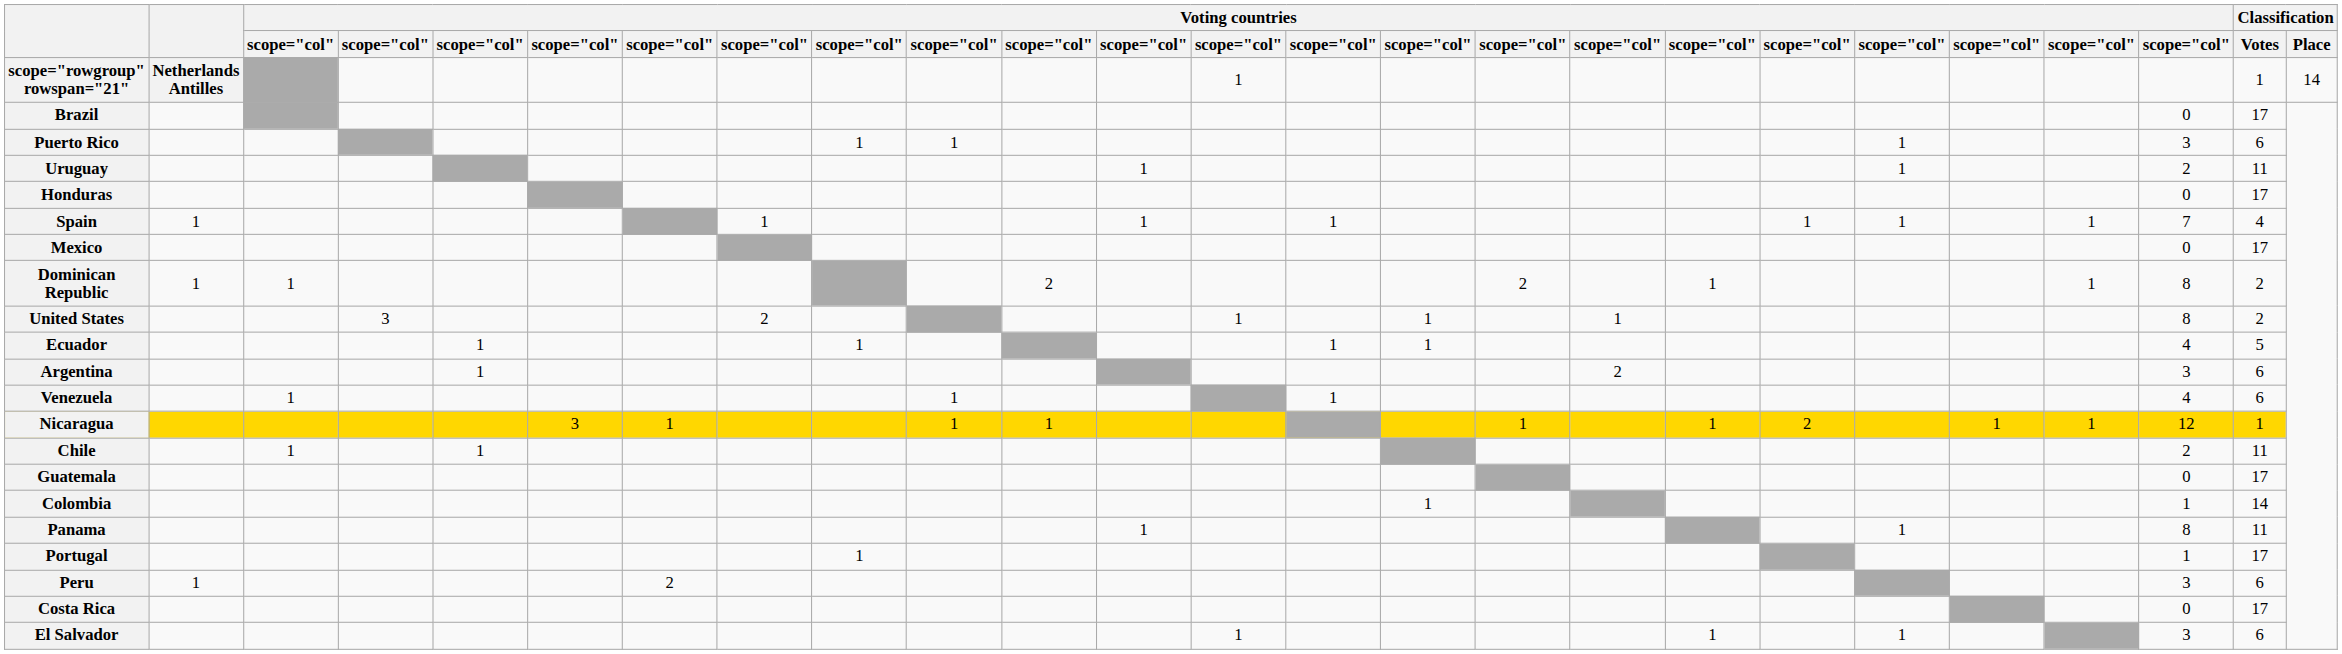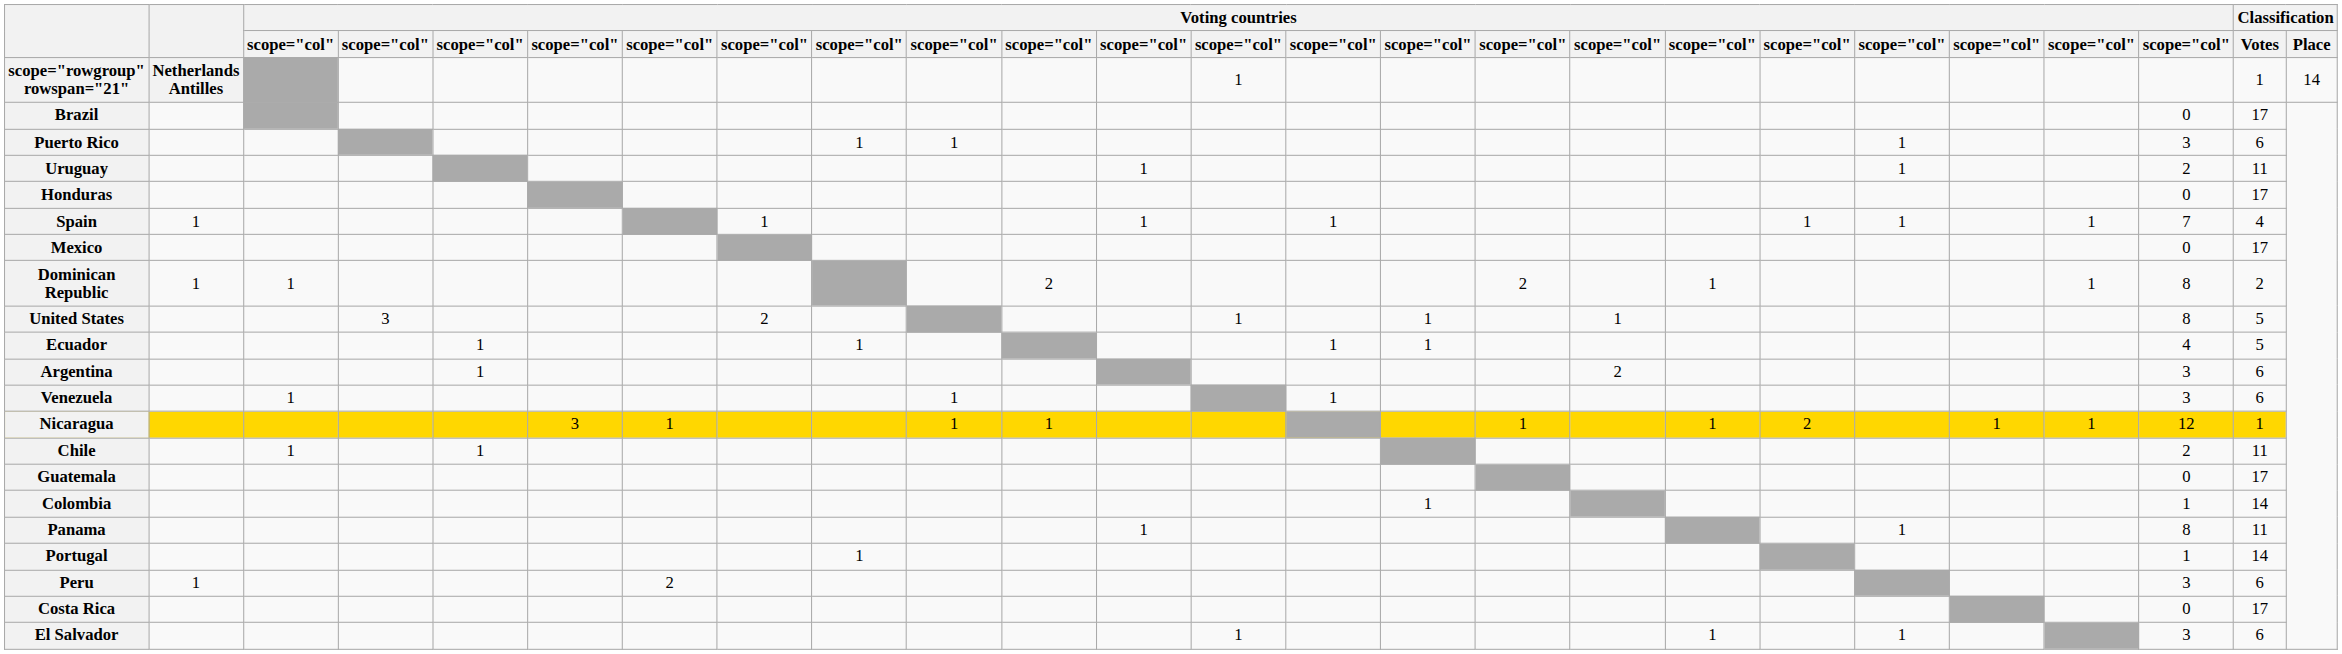 <table class="wikitable plainrowheaders" style="text-align: center;">
 <tr>
 <th rowspan="2"></th>
 <th rowspan="2"></th>
 <th colspan="21">Voting countries</th>
 <th colspan="2">Classification</th>
 </tr>
 <tr>
 <th>scope="col" </th>
 <th>scope="col" </th>
 <th>scope="col" </th>
 <th>scope="col" </th>
 <th>scope="col" </th>
 <th>scope="col" </th>
 <th>scope="col" </th>
 <th>scope="col" </th>
 <th>scope="col" </th>
 <th>scope="col" </th>
 <th>scope="col" </th>
 <th>scope="col" </th>
 <th>scope="col" </th>
 <th>scope="col" </th>
 <th>scope="col" </th>
 <th>scope="col" </th>
 <th>scope="col" </th>
 <th>scope="col" </th>
 <th>scope="col" </th>
 <th>scope="col" </th>
 <th>scope="col" </th>
 <th>Votes</th>
 <th>Place</th>
 </tr>
 <tr>
 <th>scope="rowgroup" rowspan="21" </th>
 <th scope="row">Netherlands Antilles</th>
 <td style="background: #aaa;"></td>
 <td></td>
 <td></td>
 <td></td>
 <td></td>
 <td></td>
 <td></td>
 <td></td>
 <td></td>
 <td></td>
 <td>1</td>
 <td></td>
 <td></td>
 <td></td>
 <td></td>
 <td></td>
 <td></td>
 <td></td>
 <td></td>
 <td></td>
 <td></td>
 <td>1</td>
 <td>14</td>
 </tr>
 <tr>
 <th scope="row">Brazil</th>
 <td></td>
 <td style="background: #aaa;"></td>
 <td></td>
 <td></td>
 <td></td>
 <td></td>
 <td></td>
 <td></td>
 <td></td>
 <td></td>
 <td></td>
 <td></td>
 <td></td>
 <td></td>
 <td></td>
 <td></td>
 <td></td>
 <td></td>
 <td></td>
 <td></td>
 <td></td>
 <td>0</td>
 <td>17</td>
 </tr>
 <tr>
 <th scope="row">Puerto Rico</th>
 <td></td>
 <td></td>
 <td style="background: #aaa;"></td>
 <td></td>
 <td></td>
 <td></td>
 <td></td>
 <td>1</td>
 <td>1</td>
 <td></td>
 <td></td>
 <td></td>
 <td></td>
 <td></td>
 <td></td>
 <td></td>
 <td></td>
 <td></td>
 <td>1</td>
 <td></td>
 <td></td>
 <td>3</td>
 <td>6</td>
 </tr>
 <tr>
 <th scope="row">Uruguay</th>
 <td></td>
 <td></td>
 <td></td>
 <td style="background: #aaa;"></td>
 <td></td>
 <td></td>
 <td></td>
 <td></td>
 <td></td>
 <td></td>
 <td>1</td>
 <td></td>
 <td></td>
 <td></td>
 <td></td>
 <td></td>
 <td></td>
 <td></td>
 <td>1</td>
 <td></td>
 <td></td>
 <td>2</td>
 <td>11</td>
 </tr>
 <tr>
 <th scope="row">Honduras</th>
 <td></td>
 <td></td>
 <td></td>
 <td></td>
 <td style="background: #aaa;"></td>
 <td></td>
 <td></td>
 <td></td>
 <td></td>
 <td></td>
 <td></td>
 <td></td>
 <td></td>
 <td></td>
 <td></td>
 <td></td>
 <td></td>
 <td></td>
 <td></td>
 <td></td>
 <td></td>
 <td>0</td>
 <td>17</td>
 </tr>
 <tr>
 <th scope="row">Spain</th>
 <td>1</td>
 <td></td>
 <td></td>
 <td></td>
 <td></td>
 <td style="background: #aaa;"></td>
 <td>1</td>
 <td></td>
 <td></td>
 <td></td>
 <td>1</td>
 <td></td>
 <td>1</td>
 <td></td>
 <td></td>
 <td></td>
 <td></td>
 <td>1</td>
 <td>1</td>
 <td></td>
 <td>1</td>
 <td>7</td>
 <td>4</td>
 </tr>
 <tr>
 <th scope="row">Mexico</th>
 <td></td>
 <td></td>
 <td></td>
 <td></td>
 <td></td>
 <td></td>
 <td style="background: #aaa;"></td>
 <td></td>
 <td></td>
 <td></td>
 <td></td>
 <td></td>
 <td></td>
 <td></td>
 <td></td>
 <td></td>
 <td></td>
 <td></td>
 <td></td>
 <td></td>
 <td></td>
 <td>0</td>
 <td>17</td>
 </tr>
 <tr>
 <th scope="row">Dominican Republic</th>
 <td>1</td>
 <td>1</td>
 <td></td>
 <td></td>
 <td></td>
 <td></td>
 <td></td>
 <td style="background: #aaa;"></td>
 <td></td>
 <td>2</td>
 <td></td>
 <td></td>
 <td></td>
 <td></td>
 <td>2</td>
 <td></td>
 <td>1</td>
 <td></td>
 <td></td>
 <td></td>
 <td>1</td>
 <td>8</td>
 <td>2</td>
 </tr>
 <tr>
 <th scope="row">United States</th>
 <td></td>
 <td></td>
 <td>3</td>
 <td></td>
 <td></td>
 <td></td>
 <td>2</td>
 <td></td>
 <td style="background: #aaa;"></td>
 <td></td>
 <td></td>
 <td>1</td>
 <td></td>
 <td>1</td>
 <td></td>
 <td>1</td>
 <td></td>
 <td></td>
 <td></td>
 <td></td>
 <td></td>
 <td>8</td>
-<td>2</td>
+<td>5</td>
 </tr>
 <tr>
 <th scope="row">Ecuador</th>
 <td></td>
 <td></td>
 <td></td>
 <td>1</td>
 <td></td>
 <td></td>
 <td></td>
 <td>1</td>
 <td></td>
 <td style="background: #aaa;"></td>
 <td></td>
 <td></td>
 <td>1</td>
 <td>1</td>
 <td></td>
 <td></td>
 <td></td>
 <td></td>
 <td></td>
 <td></td>
 <td></td>
 <td>4</td>
 <td>5</td>
 </tr>
 <tr>
 <th scope="row">Argentina</th>
 <td></td>
 <td></td>
 <td></td>
 <td>1</td>
 <td></td>
 <td></td>
 <td></td>
 <td></td>
 <td></td>
 <td></td>
 <td style="background: #aaa;"></td>
 <td></td>
 <td></td>
 <td></td>
 <td></td>
 <td>2</td>
 <td></td>
 <td></td>
 <td></td>
 <td></td>
 <td></td>
 <td>3</td>
 <td>6</td>
 </tr>
 <tr>
 <th scope="row">Venezuela</th>
 <td></td>
 <td>1</td>
 <td></td>
 <td></td>
 <td></td>
 <td></td>
 <td></td>
 <td></td>
 <td>1</td>
 <td></td>
 <td></td>
 <td style="background: #aaa;"></td>
 <td>1</td>
 <td></td>
 <td></td>
 <td></td>
 <td></td>
 <td></td>
 <td></td>
 <td></td>
 <td></td>
-<td>4</td>
+<td>3</td>
 <td>6</td>
 </tr>
 <tr bgcolor="gold">
 <th scope="row">Nicaragua</th>
 <td></td>
 <td></td>
 <td></td>
 <td></td>
 <td>3</td>
 <td>1</td>
 <td></td>
 <td></td>
 <td>1</td>
 <td>1</td>
 <td></td>
 <td></td>
 <td style="background: #aaa;"></td>
 <td></td>
 <td>1</td>
 <td></td>
 <td>1</td>
 <td>2</td>
 <td></td>
 <td>1</td>
 <td>1</td>
 <td>12</td>
 <td>1</td>
 </tr>
 <tr>
 <th scope="row">Chile</th>
 <td></td>
 <td>1</td>
 <td></td>
 <td>1</td>
 <td></td>
 <td></td>
 <td></td>
 <td></td>
 <td></td>
 <td></td>
 <td></td>
 <td></td>
 <td></td>
 <td style="background: #aaa;"></td>
 <td></td>
 <td></td>
 <td></td>
 <td></td>
 <td></td>
 <td></td>
 <td></td>
 <td>2</td>
 <td>11</td>
 </tr>
 <tr>
 <th scope="row">Guatemala</th>
 <td></td>
 <td></td>
 <td></td>
 <td></td>
 <td></td>
 <td></td>
 <td></td>
 <td></td>
 <td></td>
 <td></td>
 <td></td>
 <td></td>
 <td></td>
 <td></td>
 <td style="background: #aaa;"></td>
 <td></td>
 <td></td>
 <td></td>
 <td></td>
 <td></td>
 <td></td>
 <td>0</td>
 <td>17</td>
 </tr>
 <tr>
 <th scope="row">Colombia</th>
 <td></td>
 <td></td>
 <td></td>
 <td></td>
 <td></td>
 <td></td>
 <td></td>
 <td></td>
 <td></td>
 <td></td>
 <td></td>
 <td></td>
 <td></td>
 <td>1</td>
 <td></td>
 <td style="background: #aaa;"></td>
 <td></td>
 <td></td>
 <td></td>
 <td></td>
 <td></td>
 <td>1</td>
 <td>14</td>
 </tr>
 <tr>
 <th scope="row">Panama</th>
 <td></td>
 <td></td>
 <td></td>
 <td></td>
 <td></td>
 <td></td>
 <td></td>
 <td></td>
 <td></td>
 <td></td>
 <td>1</td>
 <td></td>
 <td></td>
 <td></td>
 <td></td>
 <td></td>
 <td style="background: #aaa;"></td>
 <td></td>
 <td>1</td>
 <td></td>
 <td></td>
 <td>8</td>
 <td>11</td>
 </tr>
 <tr>
 <th scope="row">Portugal</th>
 <td></td>
 <td></td>
 <td></td>
 <td></td>
 <td></td>
 <td></td>
 <td></td>
 <td>1</td>
 <td></td>
 <td></td>
 <td></td>
 <td></td>
 <td></td>
 <td></td>
 <td></td>
 <td></td>
 <td></td>
 <td style="background: #aaa;"></td>
 <td></td>
 <td></td>
 <td></td>
 <td>1</td>
-<td>17</td>
+<td>14</td>
 </tr>
 <tr>
 <th scope="row">Peru</th>
 <td>1</td>
 <td></td>
 <td></td>
 <td></td>
 <td></td>
 <td>2</td>
 <td></td>
 <td></td>
 <td></td>
 <td></td>
 <td></td>
 <td></td>
 <td></td>
 <td></td>
 <td></td>
 <td></td>
 <td></td>
 <td></td>
 <td style="background: #aaa;"></td>
 <td></td>
 <td></td>
 <td>3</td>
 <td>6</td>
 </tr>
 <tr>
 <th scope="row">Costa Rica</th>
 <td></td>
 <td></td>
 <td></td>
 <td></td>
 <td></td>
 <td></td>
 <td></td>
 <td></td>
 <td></td>
 <td></td>
 <td></td>
 <td></td>
 <td></td>
 <td></td>
 <td></td>
 <td></td>
 <td></td>
 <td></td>
 <td></td>
 <td style="background: #aaa;"></td>
 <td></td>
 <td>0</td>
 <td>17</td>
 </tr>
 <tr>
 <th scope="row">El Salvador</th>
 <td></td>
 <td></td>
 <td></td>
 <td></td>
 <td></td>
 <td></td>
 <td></td>
 <td></td>
 <td></td>
 <td></td>
 <td></td>
 <td>1</td>
 <td></td>
 <td></td>
 <td></td>
 <td></td>
 <td>1</td>
 <td></td>
 <td>1</td>
 <td></td>
 <td style="background: #aaa;"></td>
 <td>3</td>
 <td>6</td>
 </tr>
 </table>
